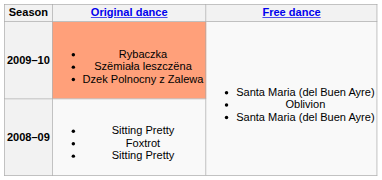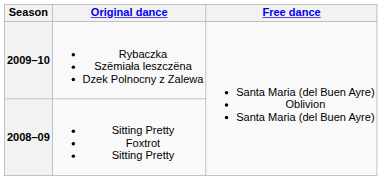 <table class="wikitable" style="text-align:center">
 <tr>
 <th>Season</th>
 <th><a href='#'>Original dance</a></th>
 <th><a href='#'>Free dance</a></th>
 </tr>
 <tr>
 <th>2009–10 <br> </th>
-<td style="background: lightsalmon;"><br><ul><li> Rybaczka <br></li><li> Szëmiała leszczëna</li><li> Dzek Polnocny z Zalewa</li></ul></td>
+<td><br><ul><li> Rybaczka <br></li><li> Szëmiała leszczëna</li><li> Dzek Polnocny z Zalewa</li></ul></td>
 <td rowspan=2><br><ul><li>Santa Maria (del Buen Ayre) <br></li><li>Oblivion <br></li><li>Santa Maria (del Buen Ayre) <br></li></ul></td>
 </tr>
 <tr>
 <th>2008–09 <br> </th>
 <td><br><ul><li> Sitting Pretty <br></li><li>Foxtrot <br></li><li> Sitting Pretty <br></li></ul></td>
 </tr>
 </table>
